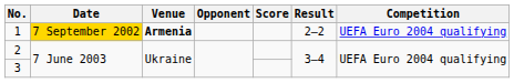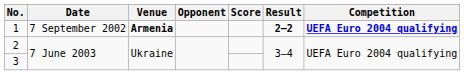 <table class="wikitable sortable">
 <tr>
 <th scope="col">No.</th>
 <th scope="col">Date</th>
 <th scope="col">Venue</th>
 <th scope="col">Opponent</th>
 <th scope="col">Score</th>
 <th scope="col">Result</th>
 <th scope="col">Competition</th>
 </tr>
 <tr>
 <td style="text-align:center">1</td>
-<td style="background: gold;">7 September 2002</td>
+<td>7 September 2002</td>
 <td><strong>Armenia</strong></td>
 <td></td>
 <td></td>
-<td style="text-align:center">2–2</td>
-<td><a href='#'>UEFA Euro 2004 qualifying</a></td>
+<td style="text-align:center"><strong>2–2</strong></td>
+<td><strong><a href='#'>UEFA Euro 2004 qualifying</a></strong></td>
 </tr>
 <tr>
 <td style="text-align:center">2</td>
 <td rowspan="2">7 June 2003</td>
 <td rowspan="2">Ukraine</td>
 <td rowspan="2"></td>
 <td></td>
 <td rowspan="2" style="text-align:center">3–4</td>
 <td rowspan="2">UEFA Euro 2004 qualifying</td>
 </tr>
 <tr>
 <td style="text-align:center">3</td>
 <td></td>
 </tr>
 </table>
